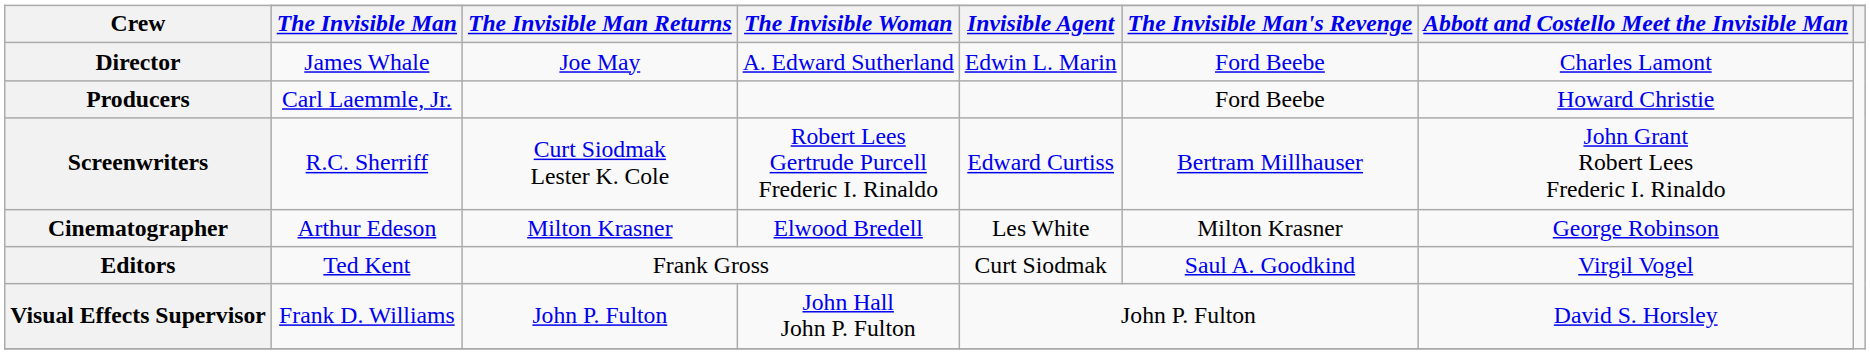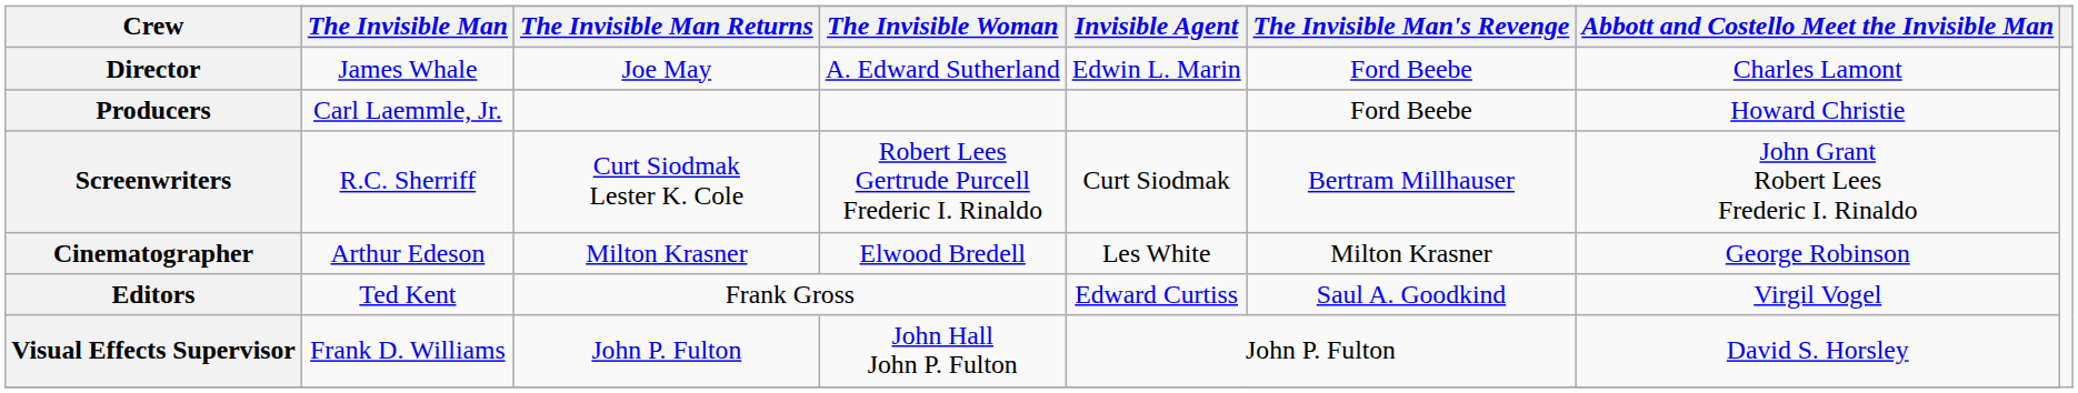 <table class="wikitable" style="text-align: center; clear: both; display: inline-table; vertical-align:top;">
 <tr>
 <th rowspan="2">Crew</th>
 </tr>
 <tr>
 <th><em><a href='#'>The Invisible Man</a></em></th>
 <th><em><a href='#'>The Invisible Man Returns</a></em></th>
 <th><em><a href='#'>The Invisible Woman</a></em></th>
 <th><em><a href='#'>Invisible Agent</a></em></th>
 <th><em><a href='#'>The Invisible Man's Revenge</a></em></th>
 <th><em><a href='#'>Abbott and Costello Meet the Invisible Man</a></em></th>
 <th></th>
 </tr>
 <tr>
 <th>Director</th>
 <td><a href='#'>James Whale</a></td>
 <td><a href='#'>Joe May</a></td>
 <td><a href='#'>A. Edward Sutherland</a></td>
 <td><a href='#'>Edwin L. Marin</a></td>
 <td><a href='#'>Ford Beebe</a></td>
 <td><a href='#'>Charles Lamont</a></td>
 <td rowspan="7"></td>
 </tr>
 <tr>
 <th>Producers</th>
 <td><a href='#'>Carl Laemmle, Jr.</a></td>
 <td></td>
 <td></td>
 <td></td>
 <td>Ford Beebe</td>
 <td><a href='#'>Howard Christie</a></td>
 </tr>
 <tr>
 <th>Screenwriters</th>
 <td><a href='#'>R.C. Sherriff</a></td>
 <td><a href='#'>Curt Siodmak</a><br>Lester K. Cole</td>
 <td><a href='#'>Robert Lees</a><br><a href='#'>Gertrude Purcell</a><br>Frederic I. Rinaldo</td>
-<td><a href='#'>Edward Curtiss</a></td>
+<td>Curt Siodmak</td>
 <td><a href='#'>Bertram Millhauser</a></td>
 <td><a href='#'>John Grant</a><br>Robert Lees<br>Frederic I. Rinaldo</td>
 </tr>
 <tr>
 <th>Cinematographer</th>
 <td><a href='#'>Arthur Edeson</a></td>
 <td><a href='#'>Milton Krasner</a></td>
 <td><a href='#'>Elwood Bredell</a></td>
 <td>Les White</td>
 <td>Milton Krasner</td>
 <td><a href='#'>George Robinson</a></td>
 </tr>
 <tr>
 <th>Editors</th>
 <td><a href='#'>Ted Kent</a></td>
 <td colspan="2">Frank Gross</td>
-<td>Curt Siodmak</td>
+<td><a href='#'>Edward Curtiss</a></td>
 <td><a href='#'>Saul A. Goodkind</a></td>
 <td><a href='#'>Virgil Vogel</a></td>
 </tr>
 <tr>
 <th>Visual Effects Supervisor</th>
 <td><a href='#'>Frank D. Williams</a></td>
 <td><a href='#'>John P. Fulton</a></td>
 <td><a href='#'>John Hall</a><br>John P. Fulton</td>
 <td colspan="2">John P. Fulton</td>
 <td><a href='#'>David S. Horsley</a></td>
 </tr>
 <tr>
 </tr>
 </table>
